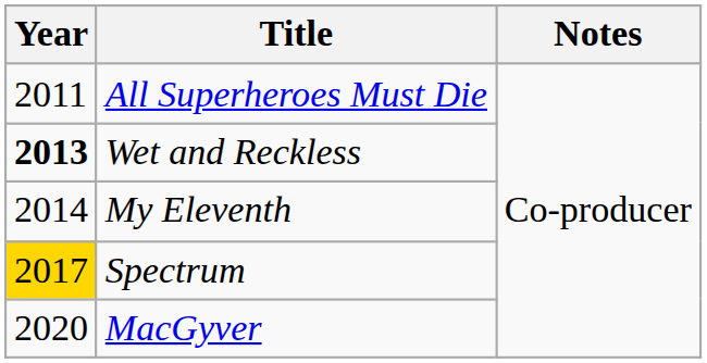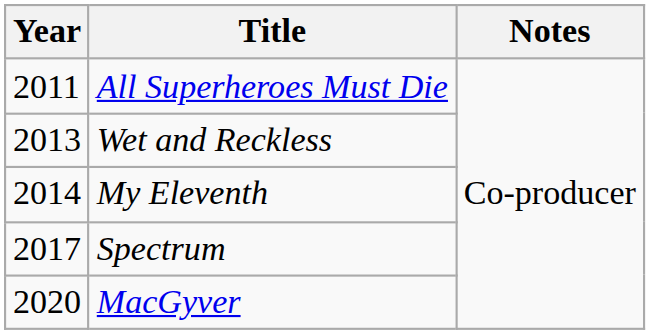 <table class="wikitable unsortable">
 <tr>
 <th>Year</th>
 <th>Title</th>
 <th>Notes</th>
 </tr>
 <tr>
 <td>2011</td>
 <td><em><a href='#'>All Superheroes Must Die</a></em></td>
 <td rowspan="5">Co-producer</td>
 </tr>
 <tr>
-<td><strong>2013</strong></td>
+<td>2013</td>
 <td><em>Wet and Reckless</em></td>
 </tr>
 <tr>
 <td>2014</td>
 <td><em>My Eleventh</em></td>
 </tr>
 <tr>
-<td style="background: gold;">2017</td>
+<td>2017</td>
 <td><em>Spectrum</em></td>
 </tr>
 <tr>
 <td>2020</td>
 <td><em><a href='#'>MacGyver</a></em></td>
 </tr>
 </table>
